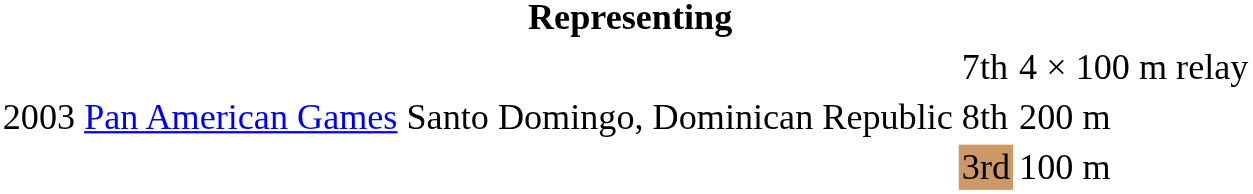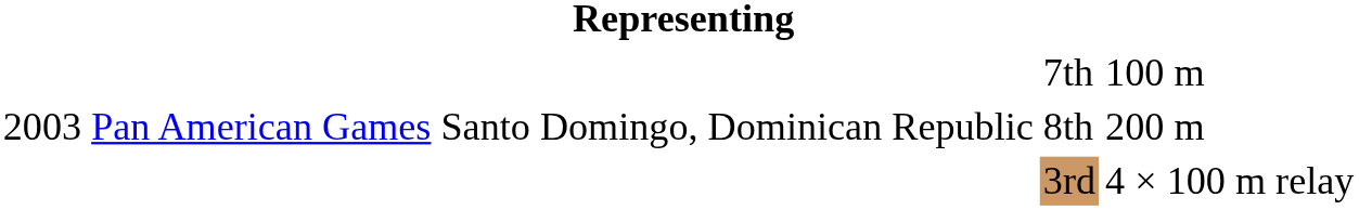 <table>
 <tr>
 <th colspan="6">Representing </th>
 </tr>
 <tr>
 <td rowspan=3>2003</td>
 <td rowspan=3><a href='#'>Pan American Games</a></td>
 <td rowspan=3>Santo Domingo, Dominican Republic</td>
 <td>7th</td>
-<td>4 × 100 m relay</td>
+<td>100 m</td>
 <td></td>
 </tr>
 <tr>
 <td>8th</td>
 <td>200 m</td>
 <td></td>
 </tr>
 <tr>
 <td bgcolor="cc9966">3rd</td>
-<td>100 m</td>
+<td>4 × 100 m relay</td>
 <td></td>
 </tr>
 </table>
